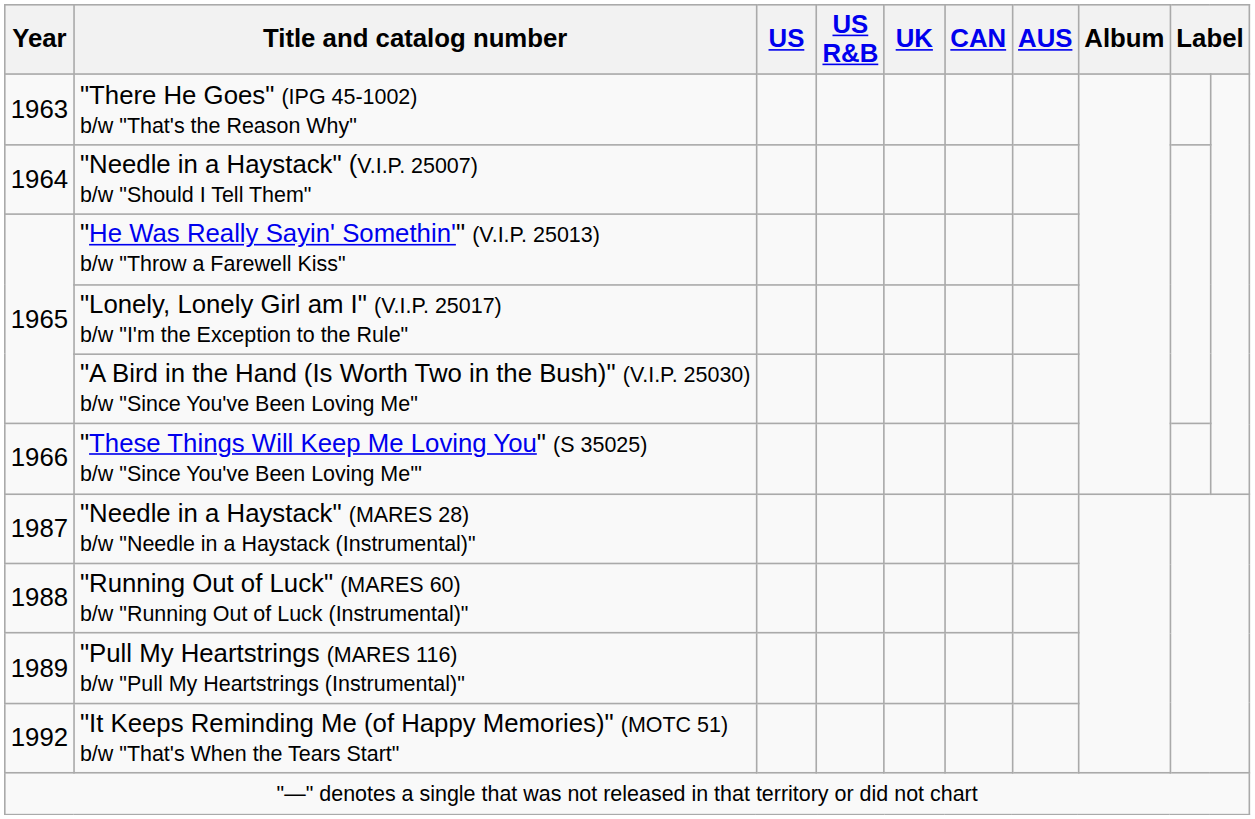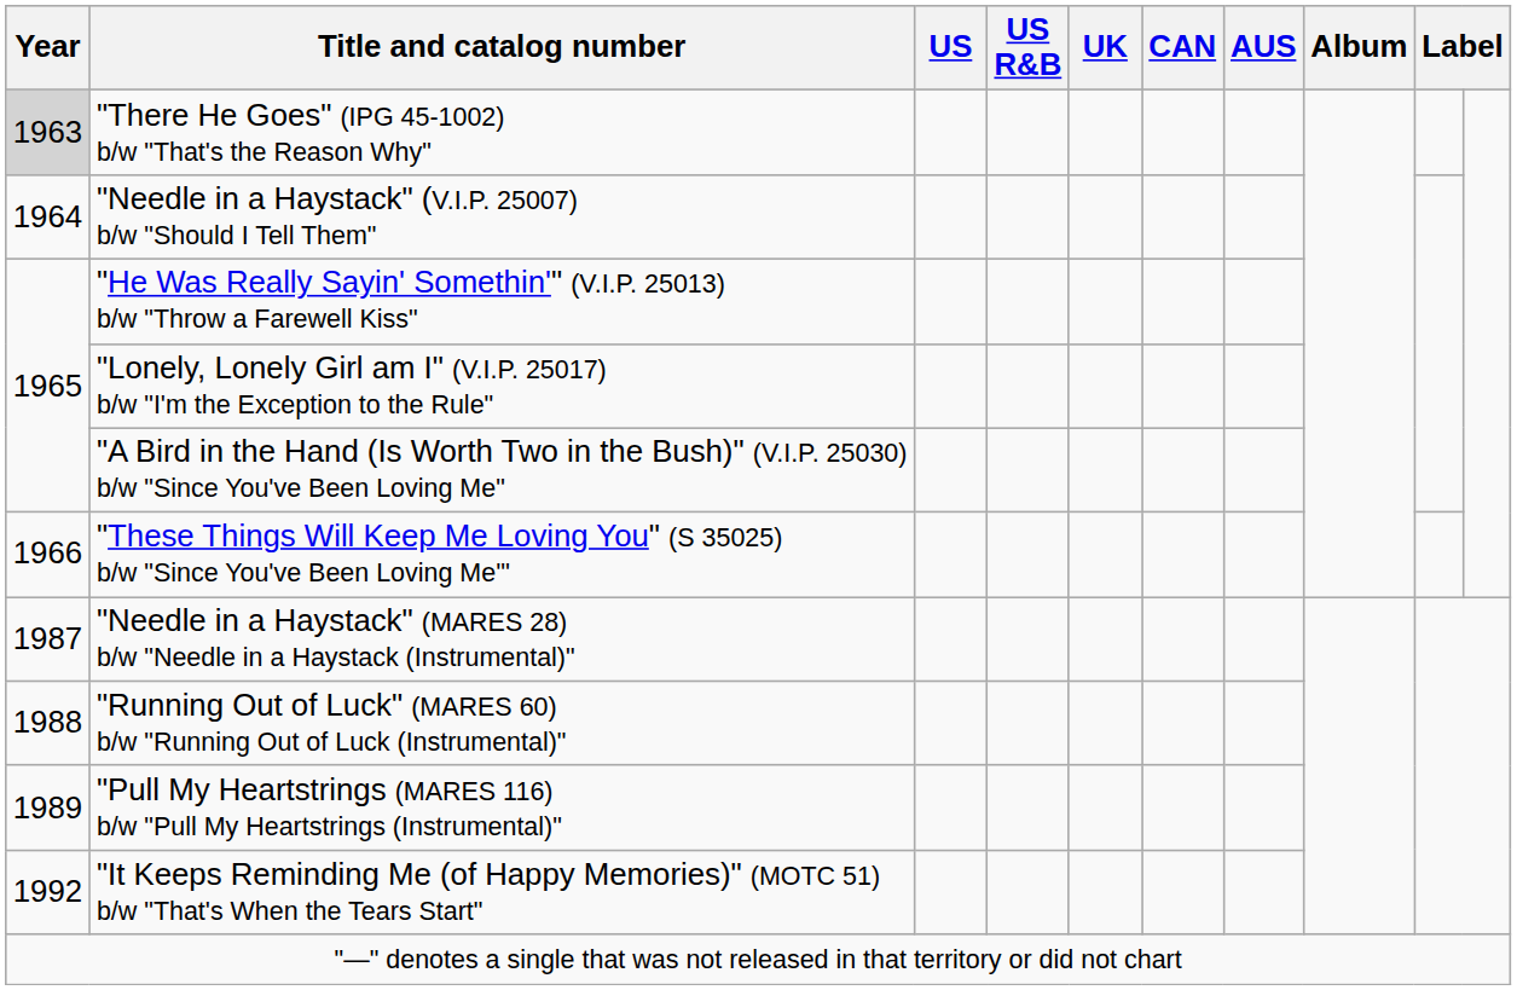 <table class="wikitable plainrowheaders">
 <tr>
 <th scope="col">Year</th>
 <th scope="col">Title and catalog number</th>
 <th scope="col" width="30"><a href='#'>US</a></th>
 <th scope="col" width="30"><a href='#'>US R&B</a></th>
 <th scope="col" width="30"><a href='#'>UK</a></th>
 <th scope="col" width="30"><a href='#'>CAN</a></th>
 <th scope="col" width="30"><a href='#'>AUS</a></th>
 <th scope="col">Album</th>
 <th scope="col" colspan="2">Label</th>
 </tr>
 <tr>
-<td>1963</td>
+<td style="background: lightgrey;">1963</td>
 <td scope="row">"There He Goes" <small>(IPG 45-1002)</small><br><small>b/w "That's the Reason Why"</small></td>
 <td></td>
 <td></td>
 <td></td>
 <td></td>
 <td></td>
 <td rowspan="6"></td>
 <td></td>
 <td rowspan="6"></td>
 </tr>
 <tr>
 <td>1964</td>
 <td scope="row">"Needle in a Haystack" (<small>V.I.P. 25007)</small><br><small>b/w "Should I Tell Them"</small></td>
 <td></td>
 <td></td>
 <td></td>
 <td></td>
 <td></td>
 <td rowspan="4"></td>
 </tr>
 <tr>
 <td rowspan="3">1965</td>
 <td scope="row">"<a href='#'>He Was Really Sayin' Somethin'</a>" <small>(V.I.P. 25013)</small><br><small>b/w "Throw a Farewell Kiss"</small></td>
 <td></td>
 <td></td>
 <td></td>
 <td></td>
 <td></td>
 </tr>
 <tr>
 <td scope="row">"Lonely, Lonely Girl am I" <small>(V.I.P. 25017)</small><br><small>b/w "I'm the Exception to the Rule"</small></td>
 <td></td>
 <td></td>
 <td></td>
 <td></td>
 <td></td>
 </tr>
 <tr>
 <td scope="row">"A Bird in the Hand (Is Worth Two in the Bush)" <small>(V.I.P. 25030)</small><br><small>b/w "Since You've Been Loving Me"</small></td>
 <td></td>
 <td></td>
 <td></td>
 <td></td>
 <td></td>
 </tr>
 <tr>
 <td>1966</td>
 <td scope="row">"<a href='#'>These Things Will Keep Me Loving You</a>" <small>(S 35025)</small><br><small>b/w "Since You've Been Loving Me'"</small></td>
 <td></td>
 <td></td>
 <td></td>
 <td></td>
 <td></td>
 <td></td>
 </tr>
 <tr>
 <td>1987</td>
 <td scope="row">"Needle in a Haystack" <small>(MARES 28)</small><br><small>b/w "Needle in a Haystack (Instrumental)"</small></td>
 <td></td>
 <td></td>
 <td></td>
 <td></td>
 <td></td>
 <td rowspan="4"></td>
 <td colspan="2" rowspan="4"></td>
 </tr>
 <tr>
 <td>1988</td>
 <td scope="row">"Running Out of Luck" <small>(MARES 60)</small><br><small>b/w "Running Out of Luck (Instrumental)"</small></td>
 <td></td>
 <td></td>
 <td></td>
 <td></td>
 <td></td>
 </tr>
 <tr>
 <td>1989</td>
 <td scope="row">"Pull My Heartstrings <small>(MARES 116)</small><br><small>b/w "Pull My Heartstrings (Instrumental)"</small></td>
 <td></td>
 <td></td>
 <td></td>
 <td></td>
 <td></td>
 </tr>
 <tr>
 <td>1992</td>
 <td scope="row">"It Keeps Reminding Me (of Happy Memories)" <small>(MOTC 51)</small><br><small>b/w "That's When the Tears Start"</small></td>
 <td></td>
 <td></td>
 <td></td>
 <td></td>
 <td></td>
 </tr>
 <tr>
 <td colspan="10" style="text-align:center;"><small>"—" denotes a single that was not released in that territory or did not chart</small></td>
 </tr>
 </table>
